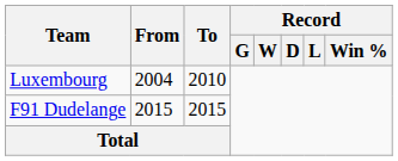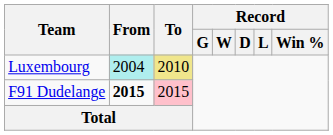 <table class="wikitable" style="text-align: center">
 <tr>
 <th rowspan="2">Team</th>
 <th rowspan="2">From</th>
 <th rowspan="2">To</th>
 <th colspan="5">Record</th>
 </tr>
 <tr>
 <th>G</th>
 <th>W</th>
 <th>D</th>
 <th>L</th>
 <th>Win %</th>
 </tr>
 <tr>
 <td align=left><a href='#'>Luxembourg</a></td>
-<td align=left>2004</td>
-<td align=left>2010<br></td>
+<td align=left style="background: paleturquoise;">2004</td>
+<td align=left style="background: khaki;">2010<br></td>
 </tr>
 <tr>
 <td align=left><a href='#'>F91 Dudelange</a></td>
-<td align=left>2015</td>
-<td align=left>2015<br></td>
+<td align=left><strong>2015</strong></td>
+<td align=left style="background: pink;">2015<br></td>
 </tr>
 <tr>
 <th colspan="3">Total<br></th>
 </tr>
 </table>
